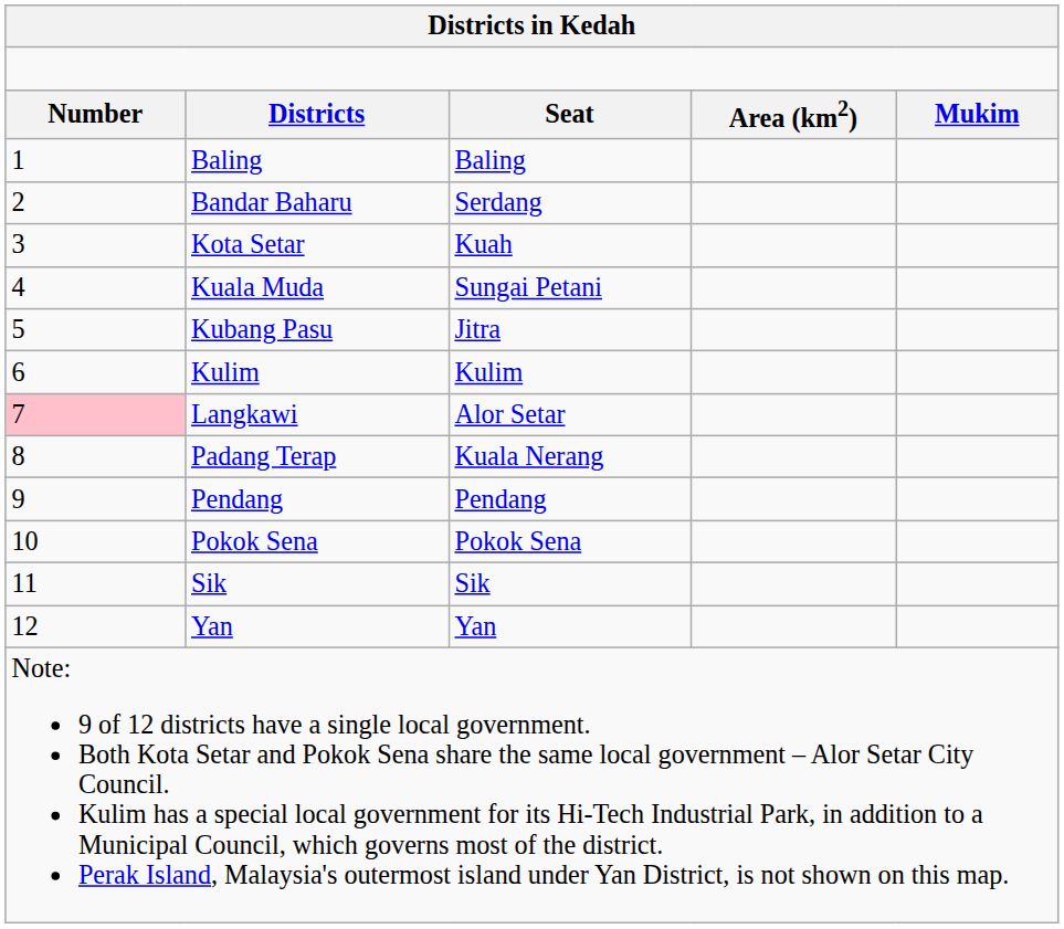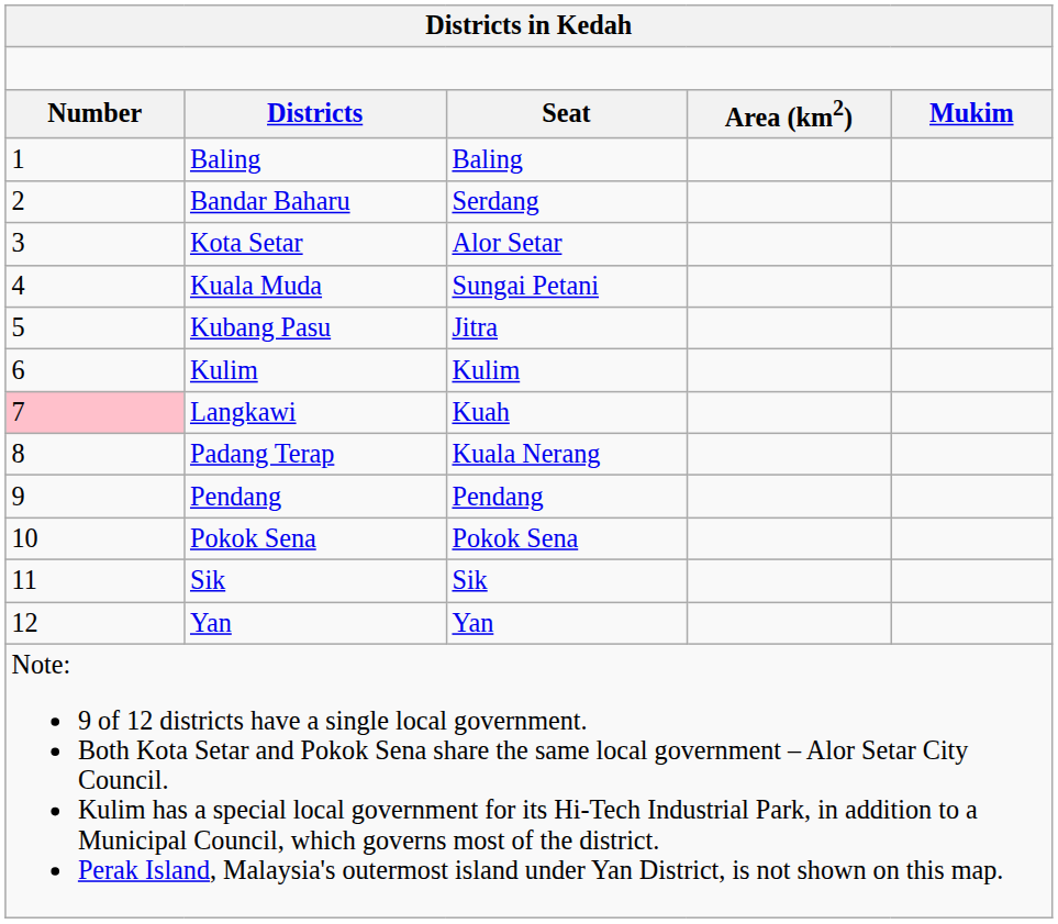 <table class="wikitable" style="margin:1em auto 1em auto; width:50%; text-align:left">
 <tr>
 <th colspan=5><strong>Districts in Kedah</strong></th>
 </tr>
 <tr>
 <td colspan=5><br></td>
 </tr>
 <tr>
 <th>Number</th>
 <th><a href='#'>Districts</a></th>
 <th>Seat</th>
 <th>Area (km<sup>2</sup>)</th>
 <th><a href='#'>Mukim</a><br></th>
 </tr>
 <tr>
 <td>1</td>
 <td><a href='#'>Baling</a></td>
 <td><a href='#'>Baling</a></td>
 <td align="right"></td>
 <td align="right"></td>
 </tr>
 <tr>
 <td>2</td>
 <td><a href='#'>Bandar Baharu</a></td>
 <td><a href='#'>Serdang</a></td>
 <td align="right"></td>
 <td align="right"></td>
 </tr>
 <tr>
 <td>3</td>
 <td><a href='#'>Kota Setar</a></td>
-<td><a href='#'>Kuah</a></td>
+<td><a href='#'>Alor Setar</a></td>
 <td align="right"></td>
 <td align="right"></td>
 </tr>
 <tr>
 <td>4</td>
 <td><a href='#'>Kuala Muda</a></td>
 <td><a href='#'>Sungai Petani</a></td>
 <td align="right"></td>
 <td align="right"></td>
 </tr>
 <tr>
 <td>5</td>
 <td><a href='#'>Kubang Pasu</a></td>
 <td><a href='#'>Jitra</a></td>
 <td align="right"></td>
 <td align="right"></td>
 </tr>
 <tr>
 <td>6</td>
 <td><a href='#'>Kulim</a></td>
 <td><a href='#'>Kulim</a></td>
 <td align="right"></td>
 <td align="right"></td>
 </tr>
 <tr>
 <td style="background: pink;">7</td>
 <td><a href='#'>Langkawi</a></td>
-<td><a href='#'>Alor Setar</a></td>
+<td><a href='#'>Kuah</a></td>
 <td align="right"></td>
 <td align="right"></td>
 </tr>
 <tr>
 <td>8</td>
 <td><a href='#'>Padang Terap</a></td>
 <td><a href='#'>Kuala Nerang</a></td>
 <td align="right"></td>
 <td align="right"></td>
 </tr>
 <tr>
 <td>9</td>
 <td><a href='#'>Pendang</a></td>
 <td><a href='#'>Pendang</a></td>
 <td align="right"></td>
 <td align="right"></td>
 </tr>
 <tr>
 <td>10</td>
 <td><a href='#'>Pokok Sena</a></td>
 <td><a href='#'>Pokok Sena</a></td>
 <td align="right"></td>
 <td align="right"></td>
 </tr>
 <tr>
 <td>11</td>
 <td><a href='#'>Sik</a></td>
 <td><a href='#'>Sik</a></td>
 <td align="right"></td>
 <td align="right"></td>
 </tr>
 <tr>
 <td>12</td>
 <td><a href='#'>Yan</a></td>
 <td><a href='#'>Yan</a></td>
 <td align="right"></td>
 <td align="right"></td>
 </tr>
 <tr>
 <td colspan=5 style="text-align:left">Note:<br><ul><li>9 of 12 districts have a single local government.</li><li>Both Kota Setar and Pokok Sena share the same local government – Alor Setar City Council.</li><li>Kulim has a special local government for its Hi-Tech Industrial Park, in addition to a Municipal Council, which governs most of the district.</li><li><a href='#'>Perak Island</a>, Malaysia's outermost island under Yan District, is not shown on this map.</li></ul></td>
 </tr>
 </table>
